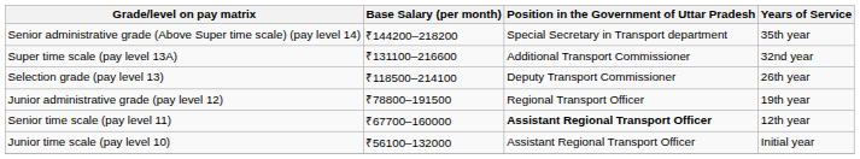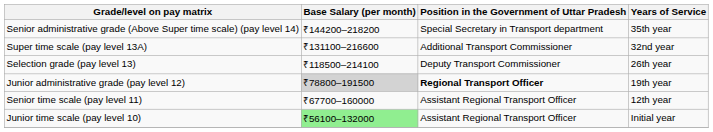 <table class="wikitable sortable">
 <tr>
 <th>Grade/level on pay matrix</th>
 <th>Base Salary (per month)</th>
 <th>Position in the Government of Uttar Pradesh</th>
 <th>Years of Service</th>
 </tr>
 <tr>
 <td>Senior administrative grade (Above Super time scale) (pay level 14)</td>
 <td>₹144200–218200</td>
 <td>Special Secretary in Transport department</td>
 <td>35th year</td>
 </tr>
 <tr>
 <td>Super time scale (pay level 13A)</td>
 <td>₹131100–216600</td>
 <td>Additional Transport Commissioner</td>
 <td>32nd year</td>
 </tr>
 <tr>
 <td>Selection grade (pay level 13)</td>
 <td>₹118500–214100</td>
 <td>Deputy Transport Commissioner</td>
 <td>26th year</td>
 </tr>
 <tr>
 <td>Junior administrative grade (pay level 12)</td>
-<td>₹78800–191500</td>
-<td>Regional Transport Officer</td>
+<td style="background: lightgrey;">₹78800–191500</td>
+<td><strong>Regional Transport Officer</strong></td>
 <td>19th year</td>
 </tr>
 <tr>
 <td>Senior time scale (pay level 11)</td>
 <td>₹67700–160000</td>
-<td><strong>Assistant Regional Transport Officer</strong></td>
+<td>Assistant Regional Transport Officer</td>
 <td>12th year</td>
 </tr>
 <tr>
 <td>Junior time scale (pay level 10)</td>
-<td>₹56100–132000</td>
+<td style="background: lightgreen;">₹56100–132000</td>
 <td>Assistant Regional Transport Officer</td>
 <td>Initial year</td>
 </tr>
 <tr>
 </tr>
 </table>
